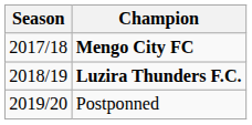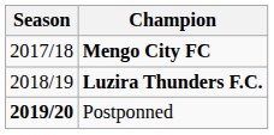 <table class="wikitable">
 <tr>
 <th>Season</th>
 <th>Champion</th>
 </tr>
 <tr>
 <td>2017/18</td>
 <td><strong>Mengo City FC</strong></td>
 </tr>
 <tr>
 <td>2018/19</td>
 <td><strong>Luzira Thunders F.C.</strong></td>
 </tr>
 <tr>
-<td>2019/20</td>
+<td><strong>2019/20</strong></td>
 <td>Postponned</td>
 </tr>
 </table>
